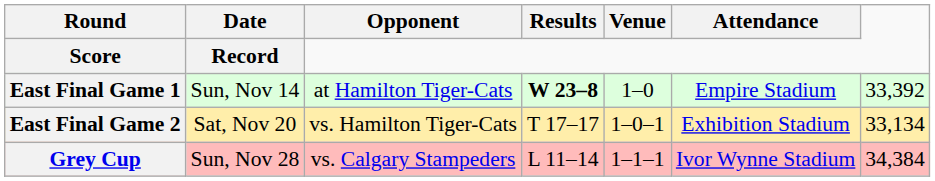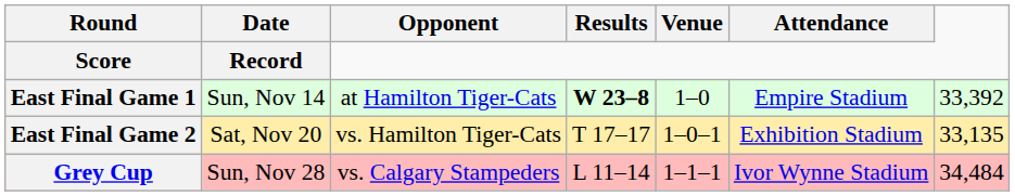 <table class="wikitable" style="text-align:center">
 <tr>
 <th>Round</th>
 <th>Date</th>
 <th>Opponent</th>
 <th>Results</th>
 <th>Venue</th>
 <th>Attendance</th>
 </tr>
 <tr>
 <th>Score</th>
 <th>Record</th>
 </tr>
 <tr style="background:#ddffdd">
 <th>East Final Game 1</th>
 <td>Sun, Nov 14</td>
 <td>at <a href='#'>Hamilton Tiger-Cats</a></td>
 <td><strong>W 23–8</strong></td>
 <td>1–0</td>
 <td><a href='#'>Empire Stadium</a></td>
 <td>33,392</td>
 </tr>
 <tr style="background:#ffeeaa">
 <th>East Final Game 2</th>
 <td>Sat, Nov 20</td>
 <td>vs. Hamilton Tiger-Cats</td>
 <td>T 17–17</td>
 <td>1–0–1</td>
 <td><a href='#'>Exhibition Stadium</a></td>
-<td>33,134</td>
+<td>33,135</td>
 </tr>
 <tr style="background:#ffbbbb">
 <th><a href='#'>Grey Cup</a></th>
 <td>Sun, Nov 28</td>
 <td>vs. <a href='#'>Calgary Stampeders</a></td>
 <td>L 11–14</td>
 <td>1–1–1</td>
 <td><a href='#'>Ivor Wynne Stadium</a></td>
-<td>34,384</td>
+<td>34,484</td>
 </tr>
 </table>
